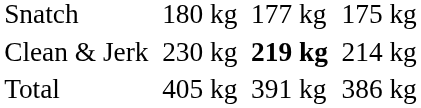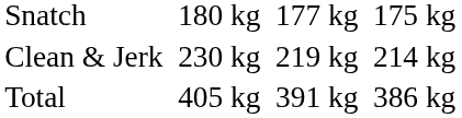 <table>
 <tr>
 <td>Snatch</td>
 <td></td>
 <td>180 kg</td>
 <td></td>
 <td>177 kg</td>
 <td></td>
 <td>175 kg</td>
 </tr>
 <tr>
 <td>Clean & Jerk</td>
 <td></td>
 <td>230 kg</td>
 <td></td>
-<td><strong>219 kg</strong></td>
+<td>219 kg</td>
 <td></td>
 <td>214 kg</td>
 </tr>
 <tr>
 <td>Total</td>
 <td></td>
 <td>405 kg</td>
 <td></td>
 <td>391 kg</td>
 <td></td>
 <td>386 kg</td>
 </tr>
 </table>
